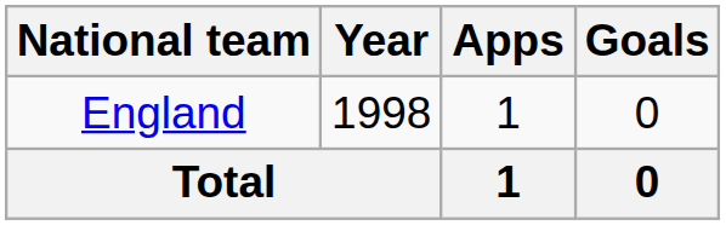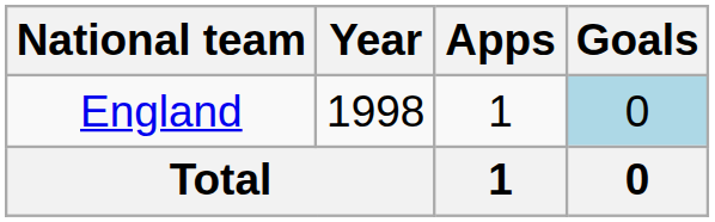 <table class=wikitable style="text-align: center">
 <tr>
 <th>National team</th>
 <th>Year</th>
 <th>Apps</th>
 <th>Goals</th>
 </tr>
 <tr>
 <td><a href='#'>England</a></td>
 <td>1998</td>
 <td>1</td>
-<td>0</td>
+<td style="background: lightblue;">0</td>
 </tr>
 <tr>
 <th colspan=2>Total</th>
 <th>1</th>
 <th>0</th>
 </tr>
 </table>
